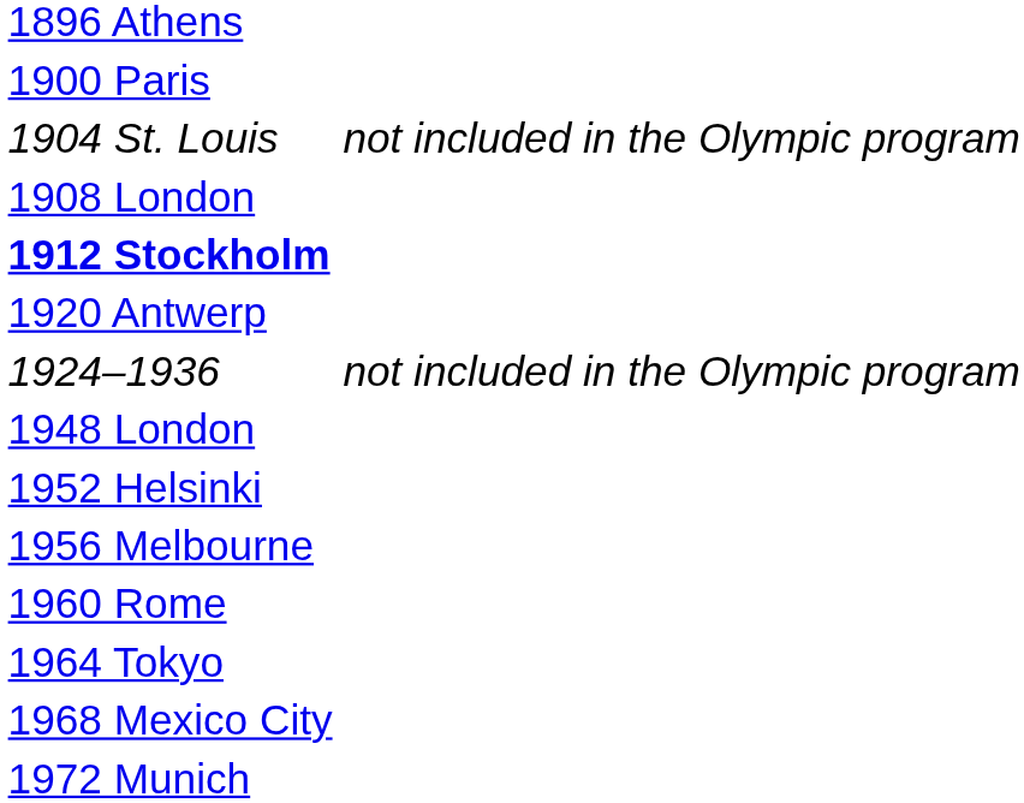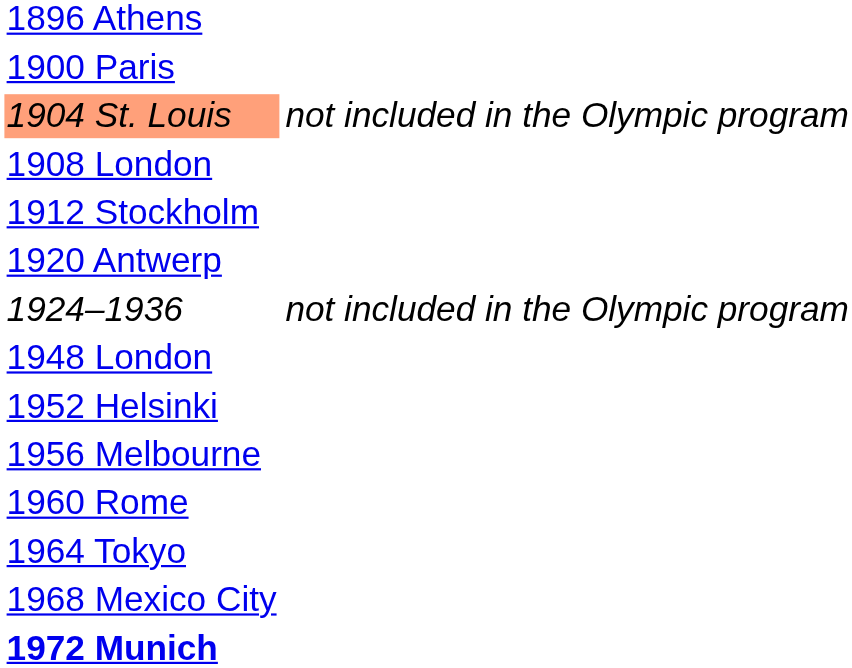 <table>
 <tr>
 <td><a href='#'>1896 Athens</a><br></td>
 <td></td>
 <td></td>
 <td></td>
 </tr>
 <tr valign="top">
 <td rowspan="2"><a href='#'>1900 Paris</a><br></td>
 <td rowspan="2"></td>
 <td rowspan="2"></td>
 <td></td>
 </tr>
 <tr>
 <td></td>
 </tr>
 <tr>
-<td><em>1904 St. Louis</em></td>
+<td style="background: lightsalmon;"><em>1904 St. Louis</em></td>
 <td colspan=3 align=center><em>not included in the Olympic program</em></td>
 </tr>
 <tr>
 <td><a href='#'>1908 London</a><br></td>
 <td></td>
 <td></td>
 <td></td>
 </tr>
 <tr>
-<td><strong><a href='#'>1912 Stockholm</a><br></strong></td>
+<td><a href='#'>1912 Stockholm</a><br></td>
 <td></td>
 <td></td>
 <td></td>
 </tr>
 <tr>
 <td><a href='#'>1920 Antwerp</a><br></td>
 <td></td>
 <td></td>
 <td></td>
 </tr>
 <tr>
 <td><em>1924–1936</em></td>
 <td colspan=3 align=center><em>not included in the Olympic program</em></td>
 </tr>
 <tr>
 <td><a href='#'>1948 London</a><br></td>
 <td></td>
 <td></td>
 <td></td>
 </tr>
 <tr>
 <td><a href='#'>1952 Helsinki</a><br></td>
 <td></td>
 <td></td>
 <td></td>
 </tr>
 <tr>
 <td><a href='#'>1956 Melbourne</a><br></td>
 <td></td>
 <td></td>
 <td></td>
 </tr>
 <tr>
 <td><a href='#'>1960 Rome</a><br></td>
 <td></td>
 <td></td>
 <td></td>
 </tr>
 <tr>
 <td><a href='#'>1964 Tokyo</a><br></td>
 <td></td>
 <td></td>
 <td></td>
 </tr>
 <tr>
 <td><a href='#'>1968 Mexico City</a><br></td>
 <td></td>
 <td></td>
 <td></td>
 </tr>
 <tr>
-<td><a href='#'>1972 Munich</a><br></td>
+<td><strong><a href='#'>1972 Munich</a><br></strong></td>
 <td></td>
 <td></td>
 <td></td>
 </tr>
 </table>
